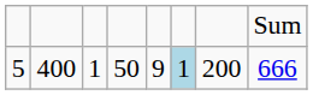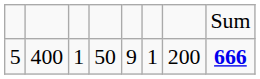 <table class="wikitable" style="text-align:center; float:center;">
 <tr>
 <td></td>
 <td></td>
 <td></td>
 <td></td>
 <td></td>
 <td></td>
 <td></td>
 <td>Sum</td>
 </tr>
 <tr>
 <td>5</td>
 <td>400</td>
 <td>1</td>
 <td>50</td>
 <td>9</td>
-<td style="background: lightblue;">1</td>
+<td>1</td>
 <td>200</td>
-<td><a href='#'>666</a></td>
+<td><strong><a href='#'>666</a></strong></td>
 </tr>
 </table>
